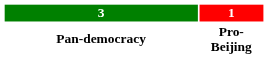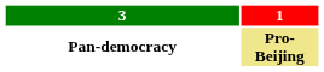 <table style="width:50%; text-align:center;">
 <tr style="color:white;">
 <td style="background:green; width:75%;"><strong>3</strong></td>
 <td style="background:red; width:25%;"><strong>1</strong></td>
 </tr>
 <tr>
 <td><span><strong>Pan-democracy</strong></span></td>
-<td><span><strong>Pro-Beijing</strong></span></td>
+<td style="background: khaki;"><span><strong>Pro-Beijing</strong></span></td>
 </tr>
 </table>
